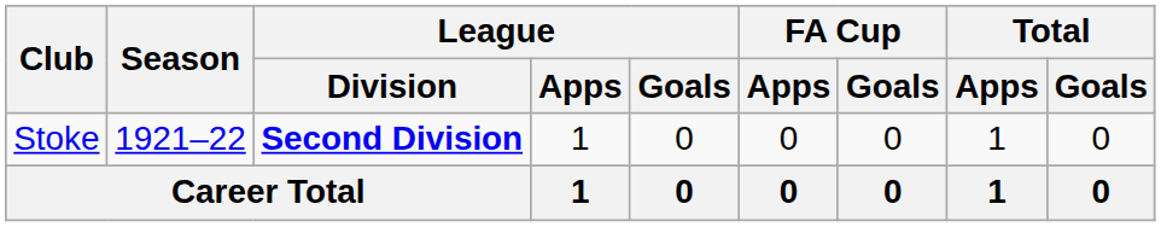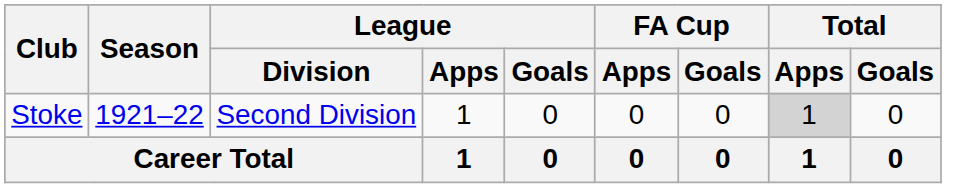 <table class="wikitable" style="text-align: center;">
 <tr>
 <th rowspan="2">Club</th>
 <th rowspan="2">Season</th>
 <th colspan="3">League</th>
 <th colspan="2">FA Cup</th>
 <th colspan="2">Total</th>
 </tr>
 <tr>
 <th>Division</th>
 <th>Apps</th>
 <th>Goals</th>
 <th>Apps</th>
 <th>Goals</th>
 <th>Apps</th>
 <th>Goals</th>
 </tr>
 <tr>
 <td><a href='#'>Stoke</a></td>
 <td><a href='#'>1921–22</a></td>
-<td><strong><a href='#'>Second Division</a></strong></td>
+<td><a href='#'>Second Division</a></td>
 <td>1</td>
 <td>0</td>
 <td>0</td>
 <td>0</td>
-<td>1</td>
+<td style="background: lightgrey;">1</td>
 <td>0</td>
 </tr>
 <tr>
 <th colspan="3">Career Total</th>
 <th>1</th>
 <th>0</th>
 <th>0</th>
 <th>0</th>
 <th>1</th>
 <th>0</th>
 </tr>
 </table>
